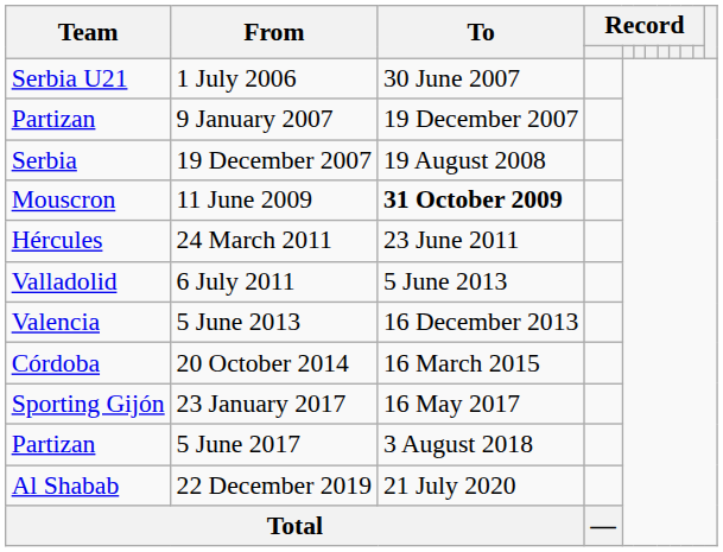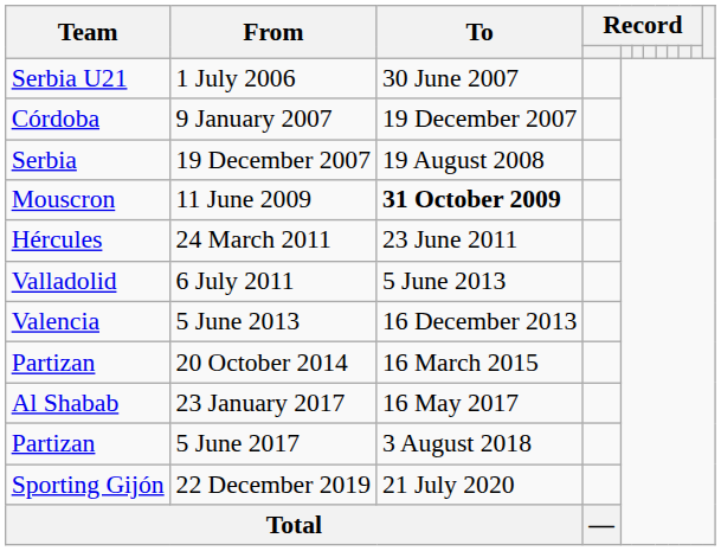 <table class="wikitable" style="text-align:center">
 <tr>
 <th rowspan="2">Team</th>
 <th rowspan="2">From</th>
 <th rowspan="2">To</th>
 <th colspan="8">Record</th>
 <th rowspan=2></th>
 </tr>
 <tr>
 <th></th>
 <th></th>
 <th></th>
 <th></th>
 <th></th>
 <th></th>
 <th></th>
 <th></th>
 </tr>
 <tr>
 <td align=left><a href='#'>Serbia U21</a></td>
 <td align=left>1 July 2006</td>
 <td align=left>30 June 2007<br></td>
 <td></td>
 </tr>
 <tr>
-<td align=left><a href='#'>Partizan</a></td>
+<td align=left><a href='#'>Córdoba</a></td>
 <td align=left>9 January 2007</td>
 <td align=left>19 December 2007<br></td>
 <td></td>
 </tr>
 <tr>
 <td align=left><a href='#'>Serbia</a></td>
 <td align=left>19 December 2007</td>
 <td align=left>19 August 2008<br></td>
 <td></td>
 </tr>
 <tr>
 <td align=left><a href='#'>Mouscron</a></td>
 <td align=left>11 June 2009</td>
 <td align=left><strong>31 October 2009<br></strong></td>
 <td></td>
 </tr>
 <tr>
 <td align=left><a href='#'>Hércules</a></td>
 <td align=left>24 March 2011</td>
 <td align=left>23 June 2011<br></td>
 <td></td>
 </tr>
 <tr>
 <td align=left><a href='#'>Valladolid</a></td>
 <td align=left>6 July 2011</td>
 <td align=left>5 June 2013<br></td>
 <td></td>
 </tr>
 <tr>
 <td align=left><a href='#'>Valencia</a></td>
 <td align=left>5 June 2013</td>
 <td align=left>16 December 2013<br></td>
 <td></td>
 </tr>
 <tr>
-<td align=left><a href='#'>Córdoba</a></td>
+<td align=left><a href='#'>Partizan</a></td>
 <td align=left>20 October 2014</td>
 <td align=left>16 March 2015<br></td>
 <td></td>
 </tr>
 <tr>
-<td align=left><a href='#'>Sporting Gijón</a></td>
+<td align=left><a href='#'>Al Shabab</a></td>
 <td align=left>23 January 2017</td>
 <td align=left>16 May 2017<br></td>
 <td></td>
 </tr>
 <tr>
 <td align=left><a href='#'>Partizan</a></td>
 <td align=left>5 June 2017</td>
 <td align=left>3 August 2018<br></td>
 <td></td>
 </tr>
 <tr>
-<td align=left><a href='#'>Al Shabab</a></td>
+<td align=left><a href='#'>Sporting Gijón</a></td>
 <td align=left>22 December 2019</td>
 <td align=left>21 July 2020<br></td>
 <td></td>
 </tr>
 <tr>
 <th colspan=3>Total<br></th>
 <th>—</th>
 </tr>
 </table>
